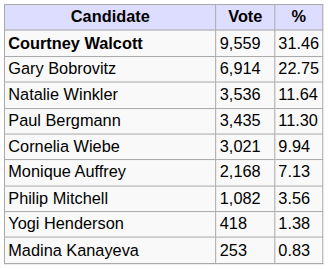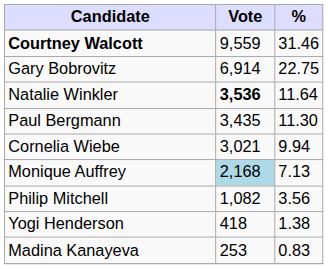 <table class="wikitable">
 <tr>
 <th style="background:#ddf; width:200px;">Candidate</th>
 <th style="background:#ddf; width:50px;">Vote</th>
 <th style="background:#ddf; width:30px;">%</th>
 </tr>
 <tr>
 <td><strong>Courtney Walcott</strong></td>
 <td>9,559</td>
 <td>31.46</td>
 </tr>
 <tr>
 <td>Gary Bobrovitz</td>
 <td>6,914</td>
 <td>22.75</td>
 </tr>
 <tr>
 <td>Natalie Winkler</td>
-<td>3,536</td>
+<td><strong>3,536</strong></td>
 <td>11.64</td>
 </tr>
 <tr>
 <td>Paul Bergmann</td>
 <td>3,435</td>
 <td>11.30</td>
 </tr>
 <tr>
 <td>Cornelia Wiebe</td>
 <td>3,021</td>
 <td>9.94</td>
 </tr>
 <tr>
 <td>Monique Auffrey</td>
-<td>2,168</td>
+<td style="background: lightblue;">2,168</td>
 <td>7.13</td>
 </tr>
 <tr>
 <td>Philip Mitchell</td>
 <td>1,082</td>
 <td>3.56</td>
 </tr>
 <tr>
 <td>Yogi Henderson</td>
 <td>418</td>
 <td>1.38</td>
 </tr>
 <tr>
 <td>Madina Kanayeva</td>
 <td>253</td>
 <td>0.83</td>
 </tr>
 <tr>
 </tr>
 </table>
